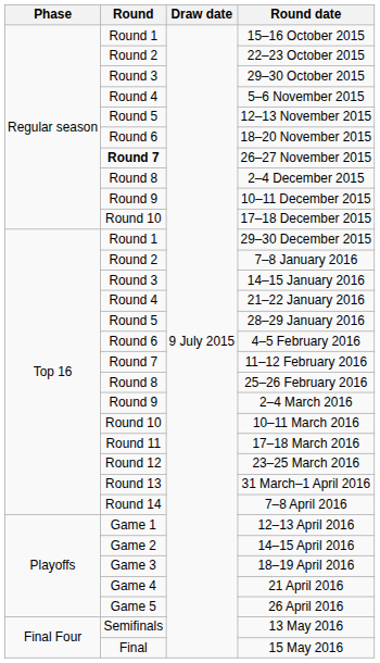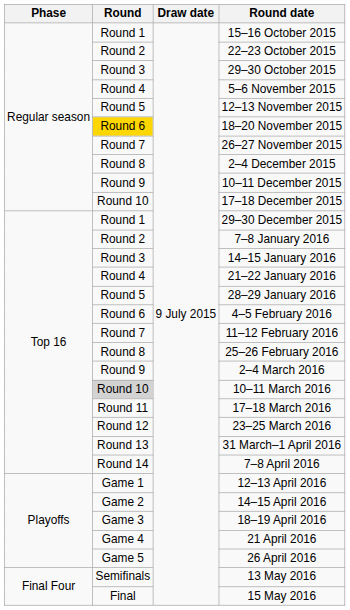 <table class="wikitable" style="text-align:center">
 <tr>
 <th>Phase</th>
 <th>Round</th>
 <th>Draw date</th>
 <th>Round date</th>
 </tr>
 <tr>
 <td rowspan=10>Regular season</td>
 <td>Round 1</td>
 <td rowspan=31>9 July 2015</td>
 <td>15–16 October 2015</td>
 </tr>
 <tr>
 <td>Round 2</td>
 <td>22–23 October 2015</td>
 </tr>
 <tr>
 <td>Round 3</td>
 <td>29–30 October 2015</td>
 </tr>
 <tr>
 <td>Round 4</td>
 <td>5–6 November 2015</td>
 </tr>
 <tr>
 <td>Round 5</td>
 <td>12–13 November 2015</td>
 </tr>
 <tr>
-<td>Round 6</td>
+<td style="background: gold;">Round 6</td>
 <td>18–20 November 2015</td>
 </tr>
 <tr>
-<td><strong>Round 7</strong></td>
+<td>Round 7</td>
 <td>26–27 November 2015</td>
 </tr>
 <tr>
 <td>Round 8</td>
 <td>2–4 December 2015</td>
 </tr>
 <tr>
 <td>Round 9</td>
 <td>10–11 December 2015</td>
 </tr>
 <tr>
 <td>Round 10</td>
 <td>17–18 December 2015</td>
 </tr>
 <tr>
 <td rowspan=14>Top 16</td>
 <td>Round 1</td>
 <td>29–30 December 2015</td>
 </tr>
 <tr>
 <td>Round 2</td>
 <td>7–8 January 2016</td>
 </tr>
 <tr>
 <td>Round 3</td>
 <td>14–15 January 2016</td>
 </tr>
 <tr>
 <td>Round 4</td>
 <td>21–22 January 2016</td>
 </tr>
 <tr>
 <td>Round 5</td>
 <td>28–29 January 2016</td>
 </tr>
 <tr>
 <td>Round 6</td>
 <td>4–5 February 2016</td>
 </tr>
 <tr>
 <td>Round 7</td>
 <td>11–12 February 2016</td>
 </tr>
 <tr>
 <td>Round 8</td>
 <td>25–26 February 2016</td>
 </tr>
 <tr>
 <td>Round 9</td>
 <td>2–4 March 2016</td>
 </tr>
 <tr>
-<td>Round 10</td>
+<td style="background: lightgrey;">Round 10</td>
 <td>10–11 March 2016</td>
 </tr>
 <tr>
 <td>Round 11</td>
 <td>17–18 March 2016</td>
 </tr>
 <tr>
 <td>Round 12</td>
 <td>23–25 March 2016</td>
 </tr>
 <tr>
 <td>Round 13</td>
 <td>31 March–1 April 2016</td>
 </tr>
 <tr>
 <td>Round 14</td>
 <td>7–8 April 2016</td>
 </tr>
 <tr>
 <td rowspan=5>Playoffs</td>
 <td>Game 1</td>
 <td>12–13 April 2016</td>
 </tr>
 <tr>
 <td>Game 2</td>
 <td>14–15 April 2016</td>
 </tr>
 <tr>
 <td>Game 3</td>
 <td>18–19 April 2016</td>
 </tr>
 <tr>
 <td>Game 4</td>
 <td>21 April 2016</td>
 </tr>
 <tr>
 <td>Game 5</td>
 <td>26 April 2016</td>
 </tr>
 <tr>
 <td rowspan=2>Final Four</td>
 <td>Semifinals</td>
 <td>13 May 2016</td>
 </tr>
 <tr>
 <td>Final</td>
 <td>15 May 2016</td>
 </tr>
 </table>
